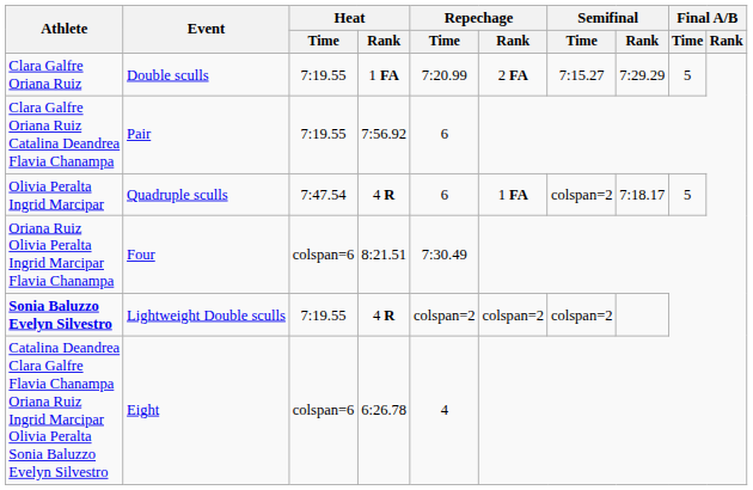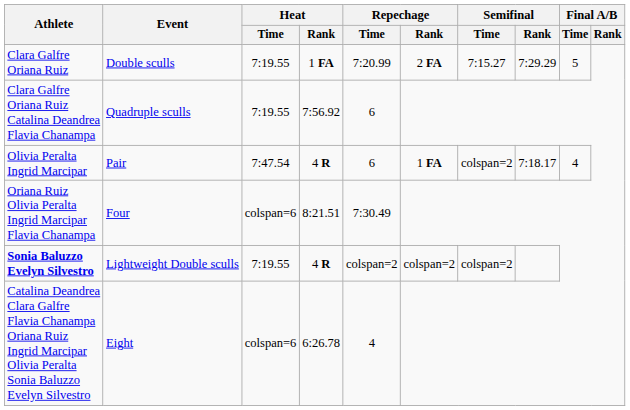 <table class=wikitable style=font-size:90%;text-align:center>
 <tr>
 <th rowspan=2>Athlete</th>
 <th rowspan=2>Event</th>
 <th colspan=2>Heat</th>
 <th colspan=2>Repechage</th>
 <th colspan=2>Semifinal</th>
 <th colspan=2>Final A/B</th>
 </tr>
 <tr style=font-size:95%>
 <th>Time</th>
 <th>Rank</th>
 <th>Time</th>
 <th>Rank</th>
 <th>Time</th>
 <th>Rank</th>
 <th>Time</th>
 <th>Rank</th>
 </tr>
 <tr>
 <td align=left><a href='#'>Clara Galfre</a><br><a href='#'>Oriana Ruiz</a></td>
 <td align=left><a href='#'>Double sculls</a></td>
 <td>7:19.55</td>
 <td>1 <strong>FA</strong></td>
 <td>7:20.99</td>
 <td>2 <strong>FA</strong></td>
 <td>7:15.27</td>
 <td>7:29.29</td>
 <td>5</td>
 </tr>
 <tr>
 <td align=left><a href='#'>Clara Galfre</a><br><a href='#'>Oriana Ruiz</a><br><a href='#'>Catalina Deandrea</a><br><a href='#'>Flavia Chanampa</a></td>
-<td align=left><a href='#'>Pair</a></td>
+<td align=left><a href='#'>Quadruple sculls</a></td>
 <td>7:19.55</td>
 <td>7:56.92</td>
 <td>6</td>
 </tr>
 <tr>
 <td align=left><a href='#'>Olivia Peralta</a><br><a href='#'>Ingrid Marcipar</a></td>
-<td align=left><a href='#'>Quadruple sculls</a></td>
+<td align=left><a href='#'>Pair</a></td>
 <td>7:47.54</td>
 <td>4 <strong>R</strong></td>
 <td>6</td>
 <td>1 <strong>FA</strong></td>
 <td>colspan=2 </td>
 <td>7:18.17</td>
-<td>5</td>
+<td>4</td>
 </tr>
 <tr>
 <td align=left><a href='#'>Oriana Ruiz</a><br><a href='#'>Olivia Peralta</a><br><a href='#'>Ingrid Marcipar</a><br><a href='#'>Flavia Chanampa</a></td>
 <td align=left><a href='#'>Four</a></td>
 <td>colspan=6 </td>
 <td>8:21.51</td>
 <td>7:30.49</td>
 </tr>
 <tr>
 <td align=left><strong><a href='#'>Sonia Baluzzo</a><br><a href='#'>Evelyn Silvestro</a></strong></td>
 <td align=left><a href='#'>Lightweight Double sculls</a></td>
 <td>7:19.55</td>
 <td>4 <strong>R</strong></td>
 <td>colspan=2 </td>
 <td>colspan=2 </td>
 <td>colspan=2 </td>
 <td></td>
 </tr>
 <tr>
 <td align=left><a href='#'>Catalina Deandrea</a><br><a href='#'>Clara Galfre</a><br><a href='#'>Flavia Chanampa</a><br><a href='#'>Oriana Ruiz</a><br><a href='#'>Ingrid Marcipar</a><br><a href='#'>Olivia Peralta</a><br><a href='#'>Sonia Baluzzo</a><br><a href='#'>Evelyn Silvestro</a></td>
 <td align=left><a href='#'>Eight</a></td>
 <td>colspan=6 </td>
 <td>6:26.78</td>
 <td>4</td>
 </tr>
 </table>
